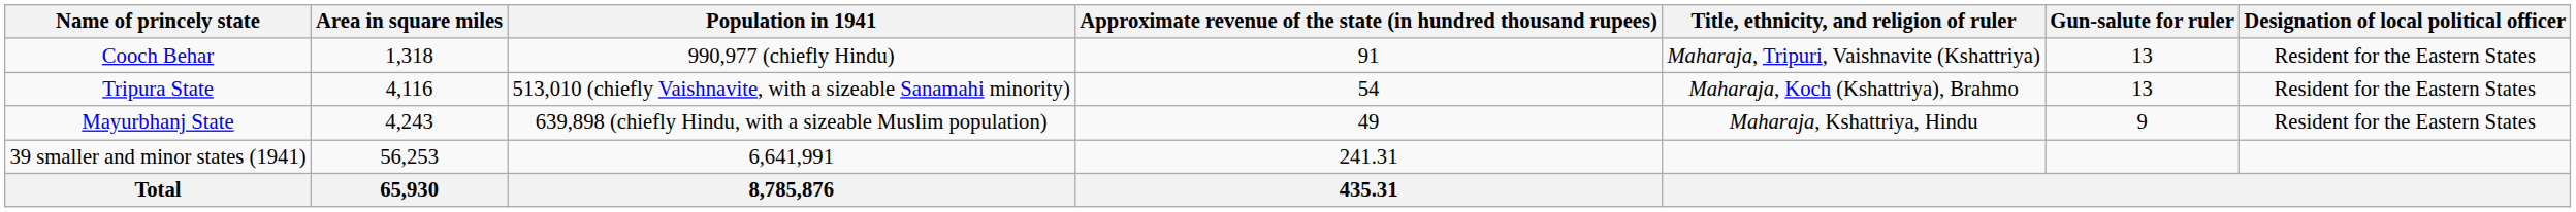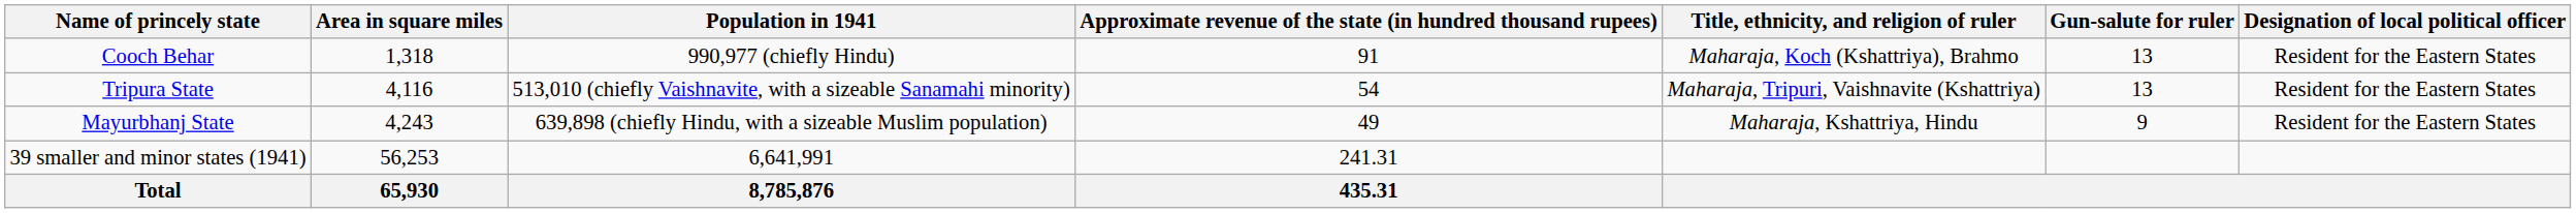 <table class="wikitable">
 <tr>
 <th>Name of princely state</th>
 <th>Area in square miles</th>
 <th>Population in 1941</th>
 <th>Approximate revenue of the state (in hundred thousand rupees)</th>
 <th>Title, ethnicity, and religion of ruler</th>
 <th>Gun-salute for ruler</th>
 <th>Designation of local political officer</th>
 </tr>
 <tr>
 <td align="center"><a href='#'>Cooch Behar</a></td>
 <td align="center">1,318</td>
 <td align="center">990,977 (chiefly Hindu)</td>
 <td align="center">91</td>
-<td align="center"><em>Maharaja</em>, <a href='#'>Tripuri</a>, Vaishnavite (Kshattriya)</td>
+<td align="center"><em>Maharaja</em>, <a href='#'>Koch</a> (Kshattriya), Brahmo</td>
 <td align="center">13</td>
 <td align="center">Resident for the Eastern States</td>
 </tr>
 <tr>
 <td align="center"><a href='#'>Tripura State</a></td>
 <td align="center">4,116</td>
 <td align="center">513,010 (chiefly <a href='#'>Vaishnavite</a>, with a sizeable <a href='#'>Sanamahi</a> minority)</td>
 <td align="center">54</td>
-<td align="center"><em>Maharaja</em>, <a href='#'>Koch</a> (Kshattriya), Brahmo</td>
+<td align="center"><em>Maharaja</em>, <a href='#'>Tripuri</a>, Vaishnavite (Kshattriya)</td>
 <td align="center">13</td>
 <td align="center">Resident for the Eastern States</td>
 </tr>
 <tr>
 <td align="center"><a href='#'>Mayurbhanj State</a></td>
 <td align="center">4,243</td>
 <td align="center">639,898 (chiefly Hindu, with a sizeable Muslim population)</td>
 <td align="center">49</td>
 <td align="center"><em>Maharaja</em>, Kshattriya, Hindu</td>
 <td align="center">9</td>
 <td align="center">Resident for the Eastern States</td>
 </tr>
 <tr>
 <td align="center">39 smaller and minor states (1941)</td>
 <td align="center">56,253</td>
 <td align="center">6,641,991</td>
 <td align="center">241.31</td>
 <td align="center"></td>
 <td align="center"></td>
 <td align="center"></td>
 </tr>
 <tr>
 <th>Total</th>
 <th>65,930</th>
 <th>8,785,876</th>
 <th>435.31</th>
 <th colspan="3"></th>
 </tr>
 </table>
